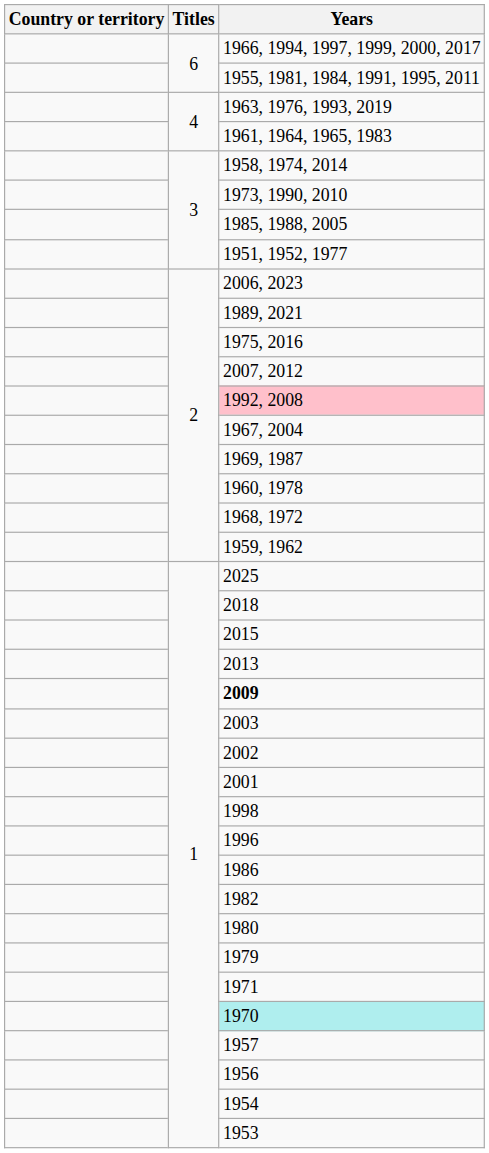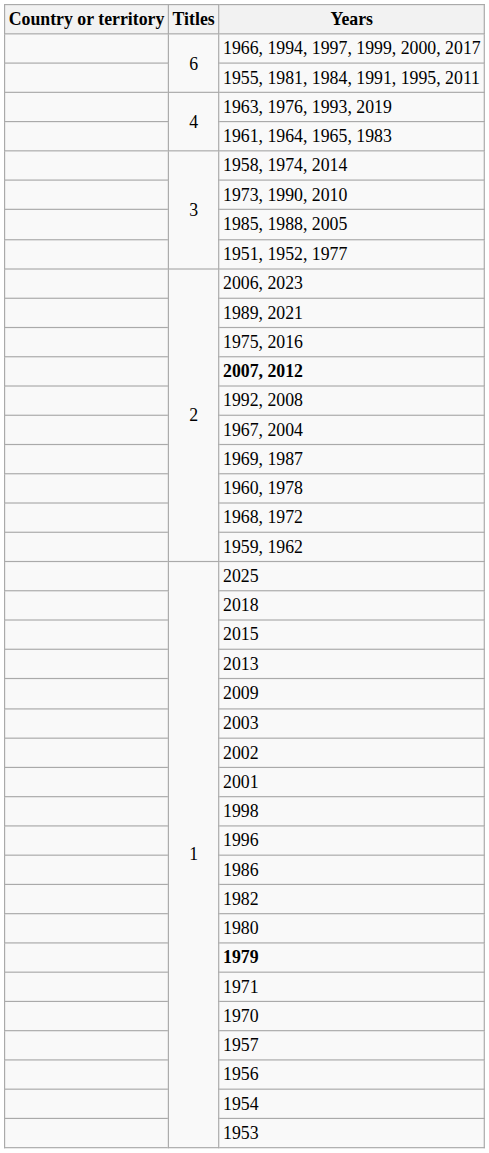 <table class="wikitable sortable" style="font-size:95%;">
 <tr>
 <th>Country or territory</th>
 <th>Titles</th>
 <th>Years</th>
 </tr>
 <tr>
 <td></td>
 <td rowspan="2" style="text-align:center;">6</td>
 <td>1966, 1994, 1997, 1999, 2000, 2017</td>
 </tr>
 <tr>
 <td></td>
 <td>1955, 1981, 1984, 1991, 1995, 2011</td>
 </tr>
 <tr>
 <td></td>
 <td rowspan="2" style="text-align:center;">4</td>
 <td>1963, 1976, 1993, 2019</td>
 </tr>
 <tr>
 <td></td>
 <td>1961, 1964, 1965, 1983</td>
 </tr>
 <tr>
 <td></td>
 <td rowspan="4" style="text-align:center;">3</td>
 <td>1958, 1974, 2014</td>
 </tr>
 <tr>
 <td></td>
 <td>1973, 1990, 2010</td>
 </tr>
 <tr>
 <td></td>
 <td>1985, 1988, 2005</td>
 </tr>
 <tr>
 <td></td>
 <td>1951, 1952, 1977</td>
 </tr>
 <tr>
 <td></td>
 <td rowspan="10" style="text-align:center;">2</td>
 <td>2006, 2023</td>
 </tr>
 <tr>
 <td></td>
 <td>1989, 2021</td>
 </tr>
 <tr>
 <td></td>
 <td>1975, 2016</td>
 </tr>
 <tr>
 <td></td>
-<td>2007, 2012</td>
+<td><strong>2007, 2012</strong></td>
 </tr>
 <tr>
 <td></td>
-<td style="background: pink;">1992, 2008</td>
+<td>1992, 2008</td>
 </tr>
 <tr>
 <td></td>
 <td>1967, 2004</td>
 </tr>
 <tr>
 <td></td>
 <td>1969, 1987</td>
 </tr>
 <tr>
 <td></td>
 <td>1960, 1978</td>
 </tr>
 <tr>
 <td></td>
 <td>1968, 1972</td>
 </tr>
 <tr>
 <td></td>
 <td>1959, 1962</td>
 </tr>
 <tr>
 <td></td>
 <td rowspan="20" style="text-align:center;">1</td>
 <td>2025</td>
 </tr>
 <tr>
 <td></td>
 <td>2018</td>
 </tr>
 <tr>
 <td></td>
 <td>2015</td>
 </tr>
 <tr>
 <td></td>
 <td>2013</td>
 </tr>
 <tr>
 <td></td>
-<td><strong>2009</strong></td>
+<td>2009</td>
 </tr>
 <tr>
 <td></td>
 <td>2003</td>
 </tr>
 <tr>
 <td></td>
 <td>2002</td>
 </tr>
 <tr>
 <td></td>
 <td>2001</td>
 </tr>
 <tr>
 <td></td>
 <td>1998</td>
 </tr>
 <tr>
 <td></td>
 <td>1996</td>
 </tr>
 <tr>
 <td></td>
 <td>1986</td>
 </tr>
 <tr>
 <td></td>
 <td>1982</td>
 </tr>
 <tr>
 <td></td>
 <td>1980</td>
 </tr>
 <tr>
 <td></td>
-<td>1979</td>
+<td><strong>1979</strong></td>
 </tr>
 <tr>
 <td></td>
 <td>1971</td>
 </tr>
 <tr>
 <td></td>
-<td style="background: paleturquoise;">1970</td>
+<td>1970</td>
 </tr>
 <tr>
 <td></td>
 <td>1957</td>
 </tr>
 <tr>
 <td></td>
 <td>1956</td>
 </tr>
 <tr>
 <td></td>
 <td>1954</td>
 </tr>
 <tr>
 <td></td>
 <td>1953</td>
 </tr>
 </table>
